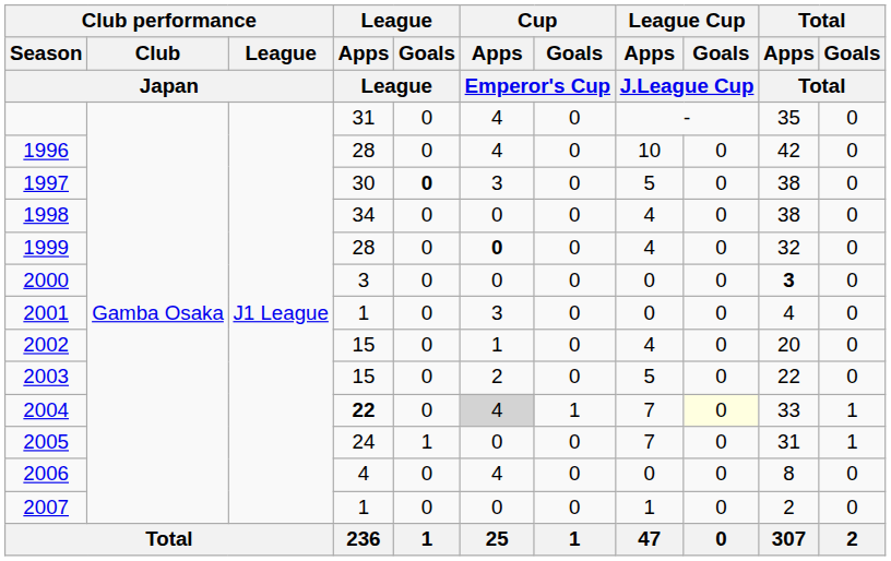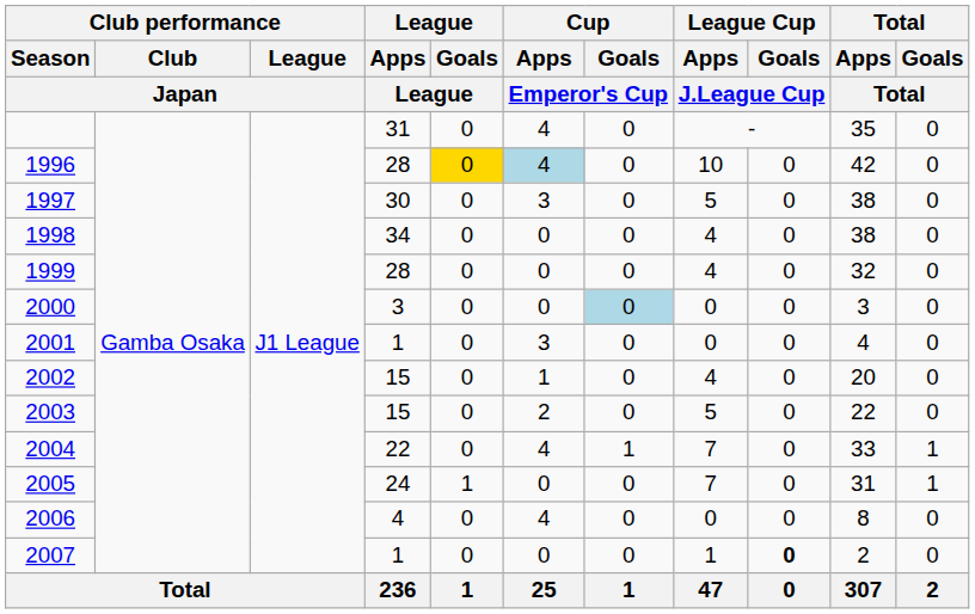 <table class="wikitable" style="text-align:center;">
 <tr>
 <th colspan=3>Club performance</th>
 <th colspan=2>League</th>
 <th colspan=2>Cup</th>
 <th colspan=2>League Cup</th>
 <th colspan=2>Total</th>
 </tr>
 <tr>
 <th>Season</th>
 <th>Club</th>
 <th>League</th>
 <th>Apps</th>
 <th>Goals</th>
 <th>Apps</th>
 <th>Goals</th>
 <th>Apps</th>
 <th>Goals</th>
 <th>Apps</th>
 <th>Goals</th>
 </tr>
 <tr>
 <th colspan=3>Japan</th>
 <th colspan=2>League</th>
 <th colspan=2><a href='#'>Emperor's Cup</a></th>
 <th colspan=2><a href='#'>J.League Cup</a></th>
 <th colspan=2>Total</th>
 </tr>
 <tr>
 <td></td>
 <td rowspan="13"><a href='#'>Gamba Osaka</a></td>
 <td rowspan="13"><a href='#'>J1 League</a></td>
 <td>31</td>
 <td>0</td>
 <td>4</td>
 <td>0</td>
 <td colspan="2">-</td>
 <td>35</td>
 <td>0</td>
 </tr>
 <tr>
 <td><a href='#'>1996</a></td>
 <td>28</td>
-<td>0</td>
-<td>4</td>
+<td style="background: gold;">0</td>
+<td style="background: lightblue;">4</td>
 <td>0</td>
 <td>10</td>
 <td>0</td>
 <td>42</td>
 <td>0</td>
 </tr>
 <tr>
 <td><a href='#'>1997</a></td>
 <td>30</td>
-<td><strong>0</strong></td>
+<td>0</td>
 <td>3</td>
 <td>0</td>
 <td>5</td>
 <td>0</td>
 <td>38</td>
 <td>0</td>
 </tr>
 <tr>
 <td><a href='#'>1998</a></td>
 <td>34</td>
 <td>0</td>
 <td>0</td>
 <td>0</td>
 <td>4</td>
 <td>0</td>
 <td>38</td>
 <td>0</td>
 </tr>
 <tr>
 <td><a href='#'>1999</a></td>
 <td>28</td>
 <td>0</td>
-<td><strong>0</strong></td>
+<td>0</td>
 <td>0</td>
 <td>4</td>
 <td>0</td>
 <td>32</td>
 <td>0</td>
 </tr>
 <tr>
 <td><a href='#'>2000</a></td>
 <td>3</td>
 <td>0</td>
 <td>0</td>
+<td style="background: lightblue;">0</td>
 <td>0</td>
 <td>0</td>
-<td>0</td>
-<td><strong>3</strong></td>
+<td>3</td>
 <td>0</td>
 </tr>
 <tr>
 <td><a href='#'>2001</a></td>
 <td>1</td>
 <td>0</td>
 <td>3</td>
 <td>0</td>
 <td>0</td>
 <td>0</td>
 <td>4</td>
 <td>0</td>
 </tr>
 <tr>
 <td><a href='#'>2002</a></td>
 <td>15</td>
 <td>0</td>
 <td>1</td>
 <td>0</td>
 <td>4</td>
 <td>0</td>
 <td>20</td>
 <td>0</td>
 </tr>
 <tr>
 <td><a href='#'>2003</a></td>
 <td>15</td>
 <td>0</td>
 <td>2</td>
 <td>0</td>
 <td>5</td>
 <td>0</td>
 <td>22</td>
 <td>0</td>
 </tr>
 <tr>
 <td><a href='#'>2004</a></td>
-<td><strong>22</strong></td>
+<td>22</td>
 <td>0</td>
-<td style="background: lightgrey;">4</td>
+<td>4</td>
 <td>1</td>
 <td>7</td>
-<td style="background: lightyellow;">0</td>
+<td>0</td>
 <td>33</td>
 <td>1</td>
 </tr>
 <tr>
 <td><a href='#'>2005</a></td>
 <td>24</td>
 <td>1</td>
 <td>0</td>
 <td>0</td>
 <td>7</td>
 <td>0</td>
 <td>31</td>
 <td>1</td>
 </tr>
 <tr>
 <td><a href='#'>2006</a></td>
 <td>4</td>
 <td>0</td>
 <td>4</td>
 <td>0</td>
 <td>0</td>
 <td>0</td>
 <td>8</td>
 <td>0</td>
 </tr>
 <tr>
 <td><a href='#'>2007</a></td>
 <td>1</td>
 <td>0</td>
 <td>0</td>
 <td>0</td>
 <td>1</td>
-<td>0</td>
+<td><strong>0</strong></td>
 <td>2</td>
 <td>0</td>
 </tr>
 <tr>
 <th colspan=3>Total</th>
 <th>236</th>
 <th>1</th>
 <th>25</th>
 <th>1</th>
 <th>47</th>
 <th>0</th>
 <th>307</th>
 <th>2</th>
 </tr>
 </table>
